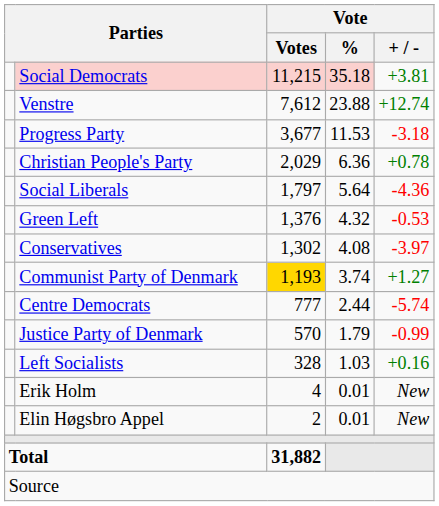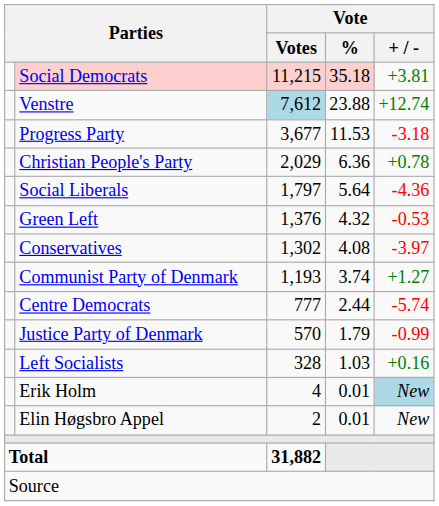 <table class="wikitable" style="text-align:right;">
 <tr>
 <th style="text-align:centre;" rowspan="2" colspan="2" width="225">Parties</th>
 <th colspan="3">Vote</th>
 </tr>
 <tr>
 <th width="15">Votes</th>
 <th width="15">%</th>
 <th width="15">+ / -</th>
 </tr>
 <tr>
 <td width="2" style="color:inherit;background:"></td>
 <td bgcolor=#fbd0ce  align="left"><a href='#'>Social Democrats</a></td>
 <td bgcolor=#fbd0ce>11,215</td>
 <td bgcolor=#fbd0ce>35.18</td>
 <td style=color:green;>+3.81</td>
 </tr>
 <tr>
 <td width="2" style="color:inherit;background:"></td>
 <td align="left"><a href='#'>Venstre</a></td>
-<td>7,612</td>
+<td style="background: lightblue;">7,612</td>
 <td>23.88</td>
 <td style=color:green;>+12.74</td>
 </tr>
 <tr>
 <td width="2" style="color:inherit;background:"></td>
 <td align="left"><a href='#'>Progress Party</a></td>
 <td>3,677</td>
 <td>11.53</td>
 <td style=color:red;>-3.18</td>
 </tr>
 <tr>
 <td width="2" style="color:inherit;background:"></td>
 <td align="left"><a href='#'>Christian People's Party</a></td>
 <td>2,029</td>
 <td>6.36</td>
 <td style=color:green;>+0.78</td>
 </tr>
 <tr>
 <td width="2" style="color:inherit;background:"></td>
 <td align="left"><a href='#'>Social Liberals</a></td>
 <td>1,797</td>
 <td>5.64</td>
 <td style=color:red;>-4.36</td>
 </tr>
 <tr>
 <td width="2" style="color:inherit;background:"></td>
 <td align="left"><a href='#'>Green Left</a></td>
 <td>1,376</td>
 <td>4.32</td>
 <td style=color:red;>-0.53</td>
 </tr>
 <tr>
 <td width="2" style="color:inherit;background:"></td>
 <td align="left"><a href='#'>Conservatives</a></td>
 <td>1,302</td>
 <td>4.08</td>
 <td style=color:red;>-3.97</td>
 </tr>
 <tr>
 <td width="2" style="color:inherit;background:"></td>
 <td align="left"><a href='#'>Communist Party of Denmark</a></td>
-<td style="background: gold;">1,193</td>
+<td>1,193</td>
 <td>3.74</td>
 <td style=color:green;>+1.27</td>
 </tr>
 <tr>
 <td width="2" style="color:inherit;background:"></td>
 <td align="left"><a href='#'>Centre Democrats</a></td>
 <td>777</td>
 <td>2.44</td>
 <td style=color:red;>-5.74</td>
 </tr>
 <tr>
 <td width="2" style="color:inherit;background:"></td>
 <td align="left"><a href='#'>Justice Party of Denmark</a></td>
 <td>570</td>
 <td>1.79</td>
 <td style=color:red;>-0.99</td>
 </tr>
 <tr>
 <td width="2" style="color:inherit;background:"></td>
 <td align="left"><a href='#'>Left Socialists</a></td>
 <td>328</td>
 <td>1.03</td>
 <td style=color:green;>+0.16</td>
 </tr>
 <tr>
 <td width="2" style="color:inherit;background:"></td>
 <td align="left">Erik Holm</td>
 <td>4</td>
 <td>0.01</td>
-<td><em>New</em></td>
+<td style="background: lightblue;"><em>New</em></td>
 </tr>
 <tr>
 <td width="2" style="color:inherit;background:"></td>
 <td align="left">Elin Høgsbro Appel</td>
 <td>2</td>
 <td>0.01</td>
 <td><em>New</em></td>
 </tr>
 <tr>
 <td colspan="7" bgcolor="#E9E9E9"></td>
 </tr>
 <tr>
 <td align="left" colspan="2"><strong>Total</strong></td>
 <td><strong>31,882</strong></td>
 <td bgcolor="#E9E9E9" colspan="2"></td>
 </tr>
 <tr>
 <td align="left" colspan="6">Source</td>
 </tr>
 </table>
